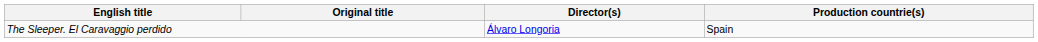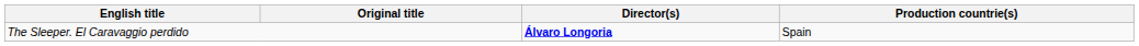 <table class="sortable wikitable" style="width:100%; margin-bottom:4px" cellpadding="5">
 <tr>
 <th scope="col">English title</th>
 <th scope="col">Original title</th>
 <th scope="col">Director(s)</th>
 <th scope="col">Production countrie(s)</th>
 </tr>
 <tr>
 <td colspan = "2"><em>The Sleeper. El Caravaggio perdido</em></td>
-<td><a href='#'>Álvaro Longoria</a></td>
+<td><strong><a href='#'>Álvaro Longoria</a></strong></td>
 <td>Spain</td>
 </tr>
 </table>
